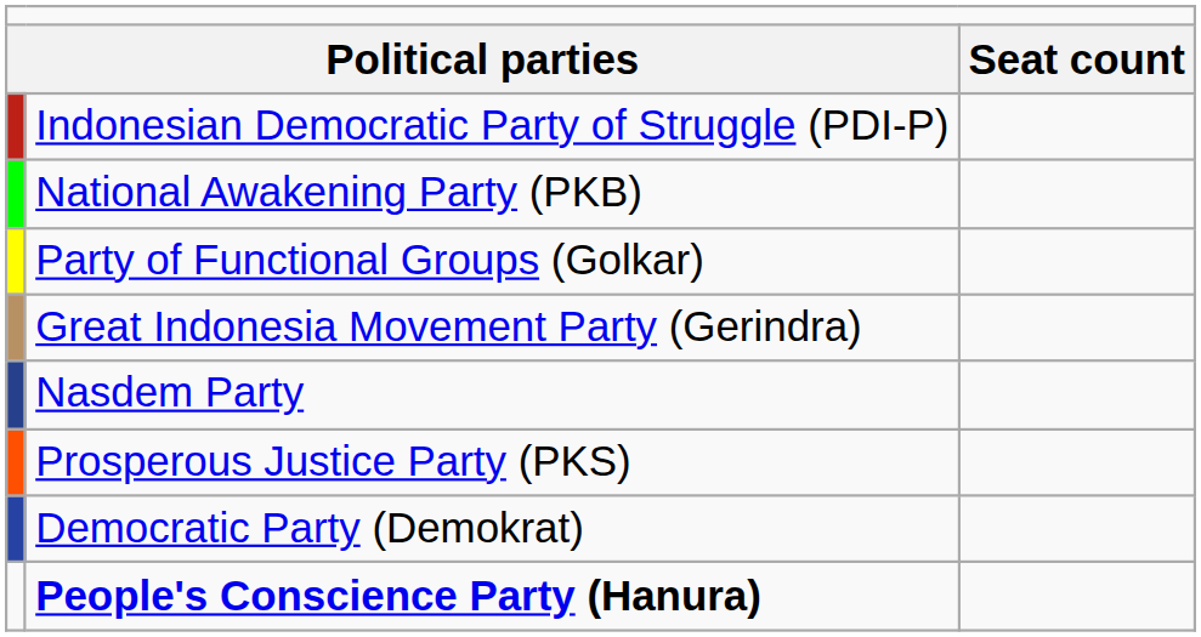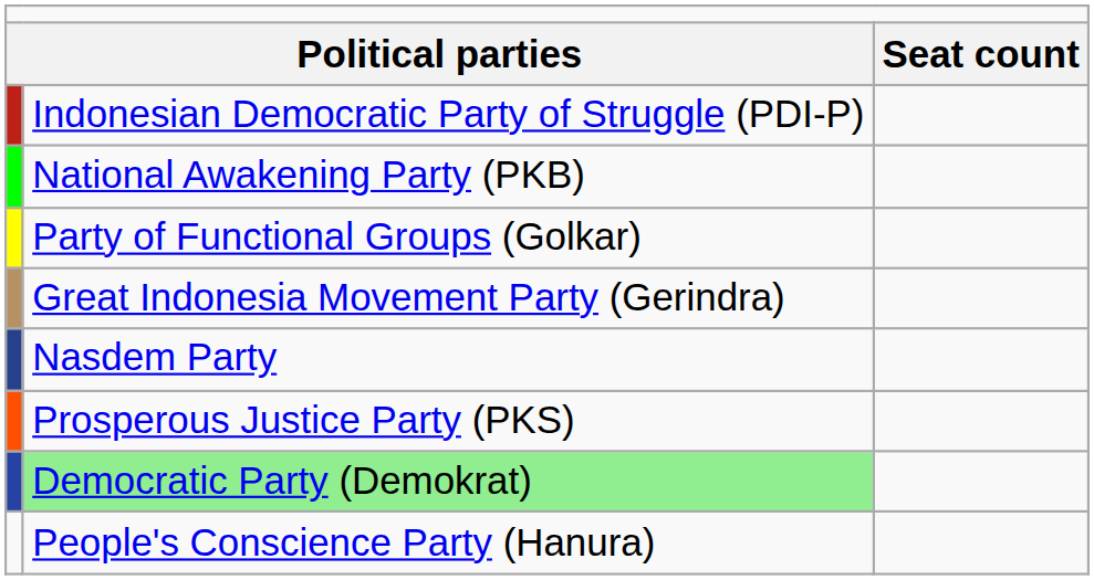 <table class="wikitable">
 <tr>
 <td colspan="4"></td>
 </tr>
 <tr>
 <th colspan="2">Political parties</th>
 <th>Seat count</th>
 </tr>
 <tr>
 <td bgcolor=#BD2016></td>
 <td><a href='#'>Indonesian Democratic Party of Struggle</a> (PDI-P)</td>
 <td></td>
 </tr>
 <tr>
 <td bgcolor=#00FF00></td>
 <td><a href='#'>National Awakening Party</a> (PKB)</td>
 <td></td>
 </tr>
 <tr>
 <td bgcolor=#FFFF00></td>
 <td><a href='#'>Party of Functional Groups</a> (Golkar)</td>
 <td></td>
 </tr>
 <tr>
 <td bgcolor=#B79164></td>
 <td><a href='#'>Great Indonesia Movement Party</a> (Gerindra)</td>
 <td></td>
 </tr>
 <tr>
 <td bgcolor=#27408B></td>
 <td><a href='#'>Nasdem Party</a></td>
 <td></td>
 </tr>
 <tr>
 <td bgcolor=#FF4F00></td>
 <td><a href='#'>Prosperous Justice Party</a> (PKS)</td>
 <td></td>
 </tr>
 <tr>
 <td bgcolor=#2643A3></td>
-<td><a href='#'>Democratic Party</a> (Demokrat)</td>
+<td style="background: lightgreen;"><a href='#'>Democratic Party</a> (Demokrat)</td>
 <td></td>
 </tr>
 <tr>
 <td bgcolor=></td>
-<td><strong><a href='#'>People's Conscience Party</a> (Hanura)</strong></td>
+<td><a href='#'>People's Conscience Party</a> (Hanura)</td>
 <td></td>
 </tr>
 </table>
